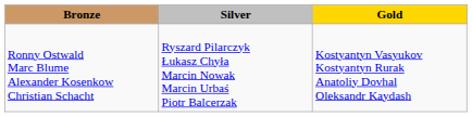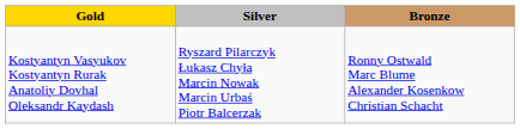 <table class="wikitable" style="text-align:left">
 <tr align="center">
+<td width=200 bgcolor=gold><strong>Gold</strong></td>
+<td width=200 bgcolor=silver><strong>Silver</strong></td>
 <td width=200 bgcolor=CC9966><strong>Bronze</strong></td>
-<td width=200 bgcolor=silver><strong>Silver</strong></td>
-<td width=200 bgcolor=gold><strong>Gold</strong></td>
 </tr>
 <tr>
+<td><em></em><br><a href='#'>Kostyantyn Vasyukov</a><br><a href='#'>Kostyantyn Rurak</a><br><a href='#'>Anatoliy Dovhal</a><br><a href='#'>Oleksandr Kaydash</a></td>
+<td><em></em><br><a href='#'>Ryszard Pilarczyk</a><br><a href='#'>Łukasz Chyła</a><br><a href='#'>Marcin Nowak</a><br><a href='#'>Marcin Urbaś</a><br><a href='#'>Piotr Balcerzak</a></td>
 <td><em></em><br><a href='#'>Ronny Ostwald</a><br><a href='#'>Marc Blume</a><br><a href='#'>Alexander Kosenkow</a><br><a href='#'>Christian Schacht</a></td>
-<td><em></em><br><a href='#'>Ryszard Pilarczyk</a><br><a href='#'>Łukasz Chyła</a><br><a href='#'>Marcin Nowak</a><br><a href='#'>Marcin Urbaś</a><br><a href='#'>Piotr Balcerzak</a></td>
-<td><em></em><br><a href='#'>Kostyantyn Vasyukov</a><br><a href='#'>Kostyantyn Rurak</a><br><a href='#'>Anatoliy Dovhal</a><br><a href='#'>Oleksandr Kaydash</a></td>
 </tr>
 </table>
